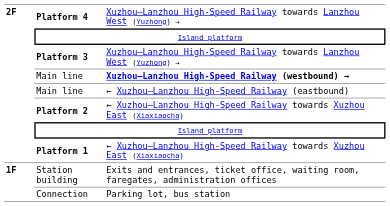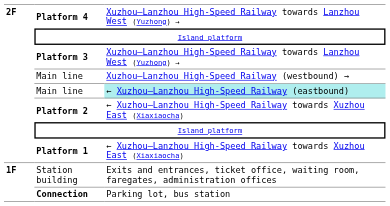 <table table border=0 cellspacing=0 cellpadding=3>
 <tr>
 <td style="border-top:solid 1px gray;border-bottom:solid 1px gray;" width=40 rowspan=8 valign=top><strong>2F</strong></td>
 <td style="border-top:solid 1px gray;" width=100><strong>Platform 4</strong></td>
 <td style="border-top:solid 1px gray;" width=420> <a href='#'>Xuzhou–Lanzhou High-Speed Railway</a> towards <a href='#'>Lanzhou West</a> <small>(<a href='#'>Yuzhong</a>) →</small></td>
 </tr>
 <tr>
 <td style="border-top:solid 2px black;border-right:solid 2px black;border-left:solid 2px black;border-bottom:solid 2px black;text-align:center;" colspan=2><small><a href='#'>Island platform</a></small></td>
 </tr>
 <tr>
 <td style="border-bottom:solid 1px gray;"><strong>Platform 3</strong></td>
 <td style="border-bottom:solid 1px gray;"> <a href='#'>Xuzhou–Lanzhou High-Speed Railway</a> towards <a href='#'>Lanzhou West</a> <small>(<a href='#'>Yuzhong</a>) →</small></td>
 </tr>
 <tr>
 <td style="border-bottom:solid 1px gray;">Main line</td>
-<td style="border-bottom:solid 1px gray;"><strong> <a href='#'>Xuzhou–Lanzhou High-Speed Railway</a> (westbound) →</strong></td>
+<td style="border-bottom:solid 1px gray;"> <a href='#'>Xuzhou–Lanzhou High-Speed Railway</a> (westbound) →</td>
 </tr>
 <tr>
 <td style="border-bottom:solid 1px gray;">Main line</td>
-<td style="border-bottom:solid 1px gray;">← <a href='#'>Xuzhou–Lanzhou High-Speed Railway</a> (eastbound)</td>
+<td style="background: paleturquoise; border-bottom:solid 1px gray;">← <a href='#'>Xuzhou–Lanzhou High-Speed Railway</a> (eastbound)</td>
 </tr>
 <tr>
 <td><strong>Platform 2</strong></td>
 <td>← <a href='#'>Xuzhou–Lanzhou High-Speed Railway</a> towards <a href='#'>Xuzhou East</a> <small>(<a href='#'>Xiaxiaocha</a>)</small></td>
 </tr>
 <tr>
 <td style="border-top:solid 2px black;border-right:solid 2px black;border-left:solid 2px black;border-bottom:solid 2px black;text-align:center;" colspan=2><small><a href='#'>Island platform</a></small></td>
 </tr>
 <tr>
 <td style="border-bottom:solid 1px gray;"><strong>Platform 1</strong></td>
 <td style="border-bottom:solid 1px gray;">← <a href='#'>Xuzhou–Lanzhou High-Speed Railway</a> towards <a href='#'>Xuzhou East</a> <small>(<a href='#'>Xiaxiaocha</a>)</small></td>
 </tr>
 <tr>
 <td style="border-bottom:solid 1px gray;" rowspan=2 valign=top><strong>1F</strong></td>
 <td style="border-bottom:solid 1px gray;">Station building</td>
 <td style="border-bottom:solid 1px gray;">Exits and entrances, ticket office, waiting room, faregates, administration offices</td>
 </tr>
 <tr>
-<td style="border-bottom:solid 1px gray;">Connection</td>
+<td style="border-bottom:solid 1px gray;"><strong>Connection</strong></td>
 <td style="border-bottom:solid 1px gray;">Parking lot, bus station</td>
 </tr>
 </table>
